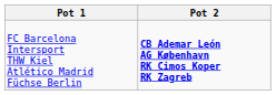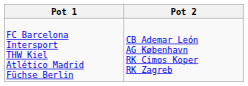 <table class="wikitable">
 <tr>
 <th width=175>Pot 1</th>
 <th width=175>Pot 2</th>
 </tr>
 <tr>
 <td><br> <a href='#'>FC Barcelona Intersport</a><br>  <a href='#'>THW Kiel</a><br>  <a href='#'>Atlético Madrid</a><br>  <a href='#'>Füchse Berlin</a></td>
-<td><strong><br> <a href='#'>CB Ademar León</a><br>  <a href='#'>AG København</a><br>  <a href='#'>RK Cimos Koper</a><br>  <a href='#'>RK Zagreb</a></strong></td>
+<td><br> <a href='#'>CB Ademar León</a><br>  <a href='#'>AG København</a><br>  <a href='#'>RK Cimos Koper</a><br>  <a href='#'>RK Zagreb</a></td>
 </tr>
 </table>
